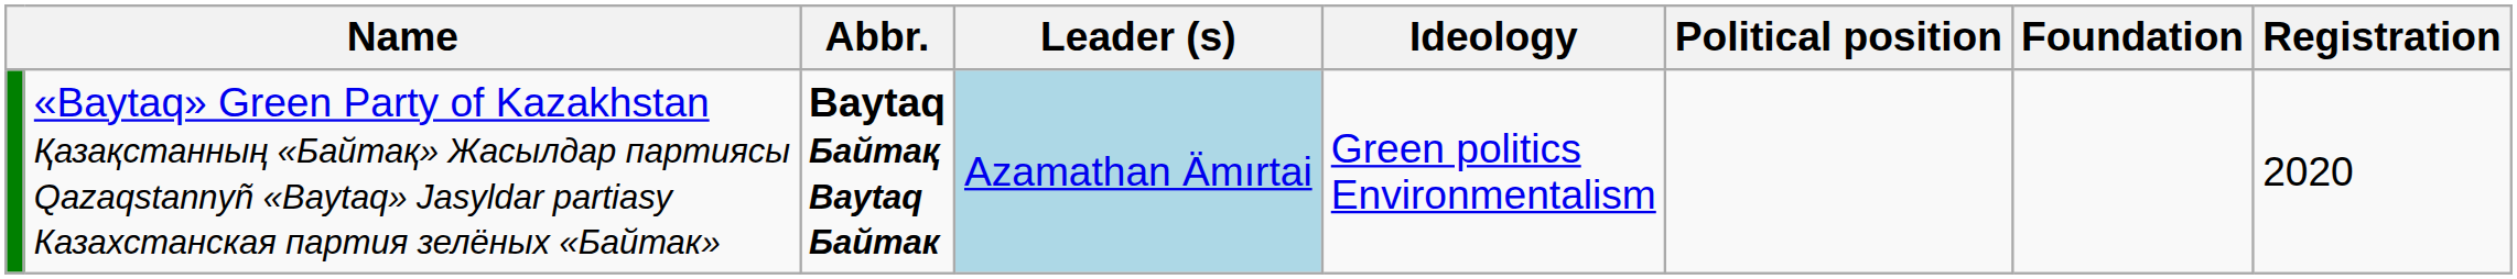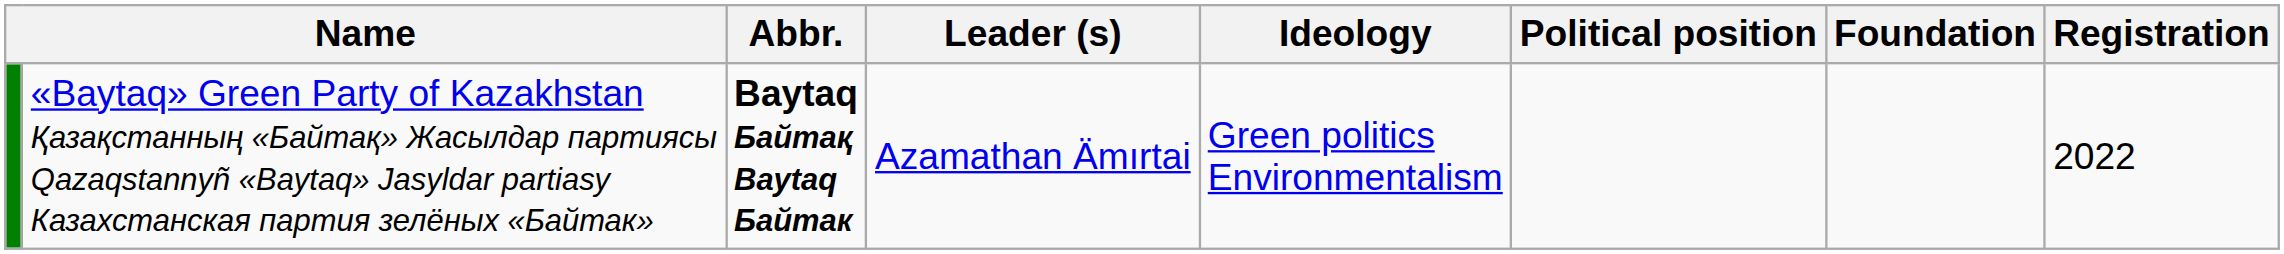 <table class="wikitable sortable">
 <tr>
 <th colspan=2>Name</th>
 <th>Abbr.</th>
 <th>Leader (s)</th>
 <th>Ideology</th>
 <th>Political position</th>
 <th>Foundation</th>
 <th>Registration</th>
 </tr>
 <tr>
 <th style="background:green;"></th>
 <td><a href='#'>«Baytaq» Green Party of Kazakhstan</a><br><small><em>Қазақстанның «Байтақ» Жасылдар партиясы<br>Qazaqstannyñ «Baytaq» Jasyldar partiasy<br>Казахстанская партия зелёных «Байтак»</em></small></td>
 <td><strong>Baytaq<br><small><em>Байтақ<br>Baytaq<br>Байтак</em></small></strong></td>
-<td style="background: lightblue;"><a href='#'>Azamathan Ämırtai</a></td>
+<td><a href='#'>Azamathan Ämırtai</a></td>
 <td><a href='#'>Green politics</a><br><a href='#'>Environmentalism</a></td>
 <td></td>
 <td></td>
-<td>2020</td>
+<td>2022</td>
 </tr>
 </table>
